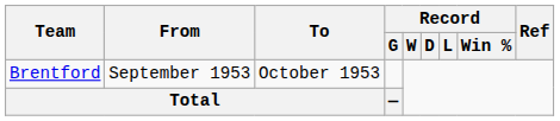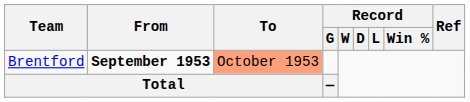 <table class="wikitable" style="text-align: center">
 <tr>
 <th rowspan="2">Team</th>
 <th rowspan="2">From</th>
 <th rowspan="2">To</th>
 <th colspan="5">Record</th>
 <th rowspan="2">Ref</th>
 </tr>
 <tr>
 <th>G</th>
 <th>W</th>
 <th>D</th>
 <th>L</th>
 <th>Win %</th>
 </tr>
 <tr>
 <td align="left"><a href='#'>Brentford</a></td>
-<td>September 1953</td>
-<td>October 1953<br></td>
+<td><strong>September 1953</strong></td>
+<td style="background: lightsalmon;">October 1953<br></td>
 <td></td>
 </tr>
 <tr>
 <th colspan="3">Total<br></th>
 <th>—</th>
 </tr>
 </table>
